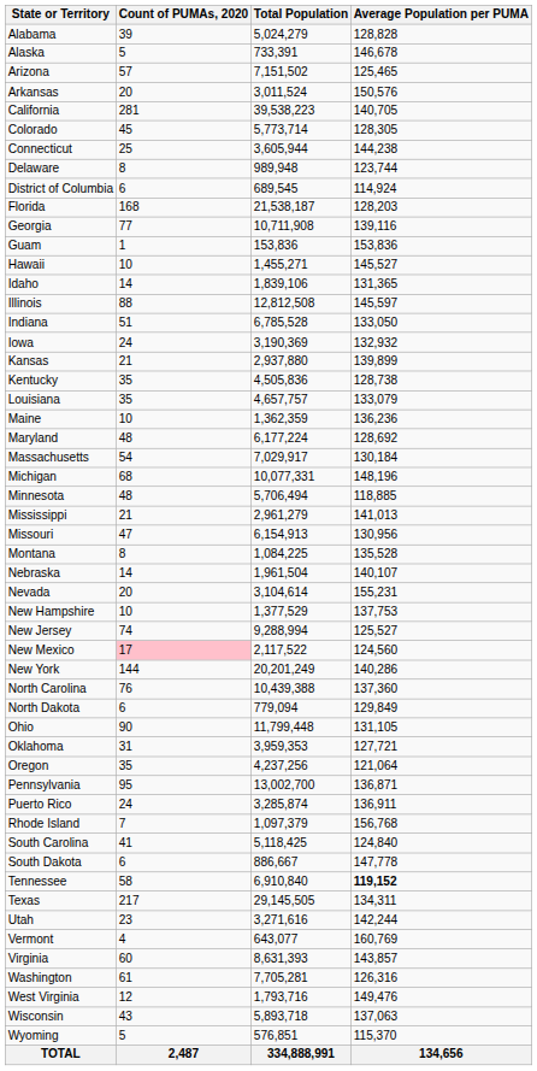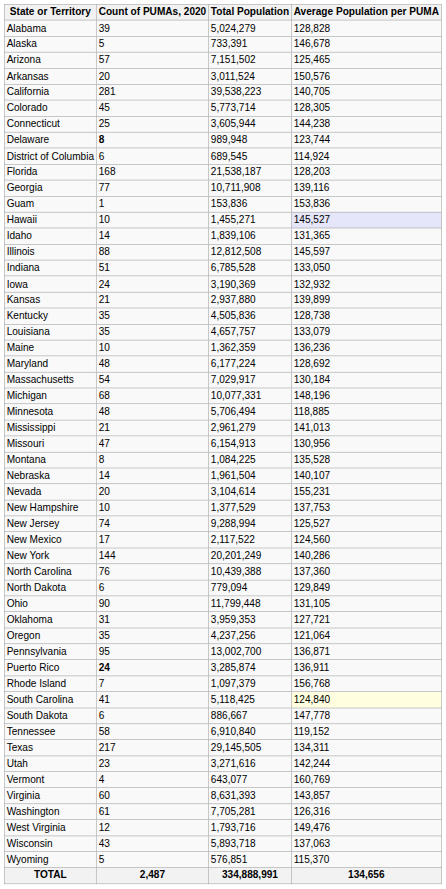 <table class="wikitable sortable">
 <tr>
 <th>State or Territory</th>
 <th>Count of PUMAs, 2020</th>
 <th>Total Population</th>
 <th>Average Population per PUMA</th>
 </tr>
 <tr>
 <td>Alabama</td>
 <td>39</td>
 <td>5,024,279</td>
 <td>128,828</td>
 </tr>
 <tr>
 <td>Alaska</td>
 <td>5</td>
 <td>733,391</td>
 <td>146,678</td>
 </tr>
 <tr>
 <td>Arizona</td>
 <td>57</td>
 <td>7,151,502</td>
 <td>125,465</td>
 </tr>
 <tr>
 <td>Arkansas</td>
 <td>20</td>
 <td>3,011,524</td>
 <td>150,576</td>
 </tr>
 <tr>
 <td>California</td>
 <td>281</td>
 <td>39,538,223</td>
 <td>140,705</td>
 </tr>
 <tr>
 <td>Colorado</td>
 <td>45</td>
 <td>5,773,714</td>
 <td>128,305</td>
 </tr>
 <tr>
 <td>Connecticut</td>
 <td>25</td>
 <td>3,605,944</td>
 <td>144,238</td>
 </tr>
 <tr>
 <td>Delaware</td>
-<td>8</td>
+<td><strong>8</strong></td>
 <td>989,948</td>
 <td>123,744</td>
 </tr>
 <tr>
 <td>District of Columbia</td>
 <td>6</td>
 <td>689,545</td>
 <td>114,924</td>
 </tr>
 <tr>
 <td>Florida</td>
 <td>168</td>
 <td>21,538,187</td>
 <td>128,203</td>
 </tr>
 <tr>
 <td>Georgia</td>
 <td>77</td>
 <td>10,711,908</td>
 <td>139,116</td>
 </tr>
 <tr>
 <td>Guam</td>
 <td>1</td>
 <td>153,836</td>
 <td>153,836</td>
 </tr>
 <tr>
 <td>Hawaii</td>
 <td>10</td>
 <td>1,455,271</td>
-<td>145,527</td>
+<td style="background: lavender;">145,527</td>
 </tr>
 <tr>
 <td>Idaho</td>
 <td>14</td>
 <td>1,839,106</td>
 <td>131,365</td>
 </tr>
 <tr>
 <td>Illinois</td>
 <td>88</td>
 <td>12,812,508</td>
 <td>145,597</td>
 </tr>
 <tr>
 <td>Indiana</td>
 <td>51</td>
 <td>6,785,528</td>
 <td>133,050</td>
 </tr>
 <tr>
 <td>Iowa</td>
 <td>24</td>
 <td>3,190,369</td>
 <td>132,932</td>
 </tr>
 <tr>
 <td>Kansas</td>
 <td>21</td>
 <td>2,937,880</td>
 <td>139,899</td>
 </tr>
 <tr>
 <td>Kentucky</td>
 <td>35</td>
 <td>4,505,836</td>
 <td>128,738</td>
 </tr>
 <tr>
 <td>Louisiana</td>
 <td>35</td>
 <td>4,657,757</td>
 <td>133,079</td>
 </tr>
 <tr>
 <td>Maine</td>
 <td>10</td>
 <td>1,362,359</td>
 <td>136,236</td>
 </tr>
 <tr>
 <td>Maryland</td>
 <td>48</td>
 <td>6,177,224</td>
 <td>128,692</td>
 </tr>
 <tr>
 <td>Massachusetts</td>
 <td>54</td>
 <td>7,029,917</td>
 <td>130,184</td>
 </tr>
 <tr>
 <td>Michigan</td>
 <td>68</td>
 <td>10,077,331</td>
 <td>148,196</td>
 </tr>
 <tr>
 <td>Minnesota</td>
 <td>48</td>
 <td>5,706,494</td>
 <td>118,885</td>
 </tr>
 <tr>
 <td>Mississippi</td>
 <td>21</td>
 <td>2,961,279</td>
 <td>141,013</td>
 </tr>
 <tr>
 <td>Missouri</td>
 <td>47</td>
 <td>6,154,913</td>
 <td>130,956</td>
 </tr>
 <tr>
 <td>Montana</td>
 <td>8</td>
 <td>1,084,225</td>
 <td>135,528</td>
 </tr>
 <tr>
 <td>Nebraska</td>
 <td>14</td>
 <td>1,961,504</td>
 <td>140,107</td>
 </tr>
 <tr>
 <td>Nevada</td>
 <td>20</td>
 <td>3,104,614</td>
 <td>155,231</td>
 </tr>
 <tr>
 <td>New Hampshire</td>
 <td>10</td>
 <td>1,377,529</td>
 <td>137,753</td>
 </tr>
 <tr>
 <td>New Jersey</td>
 <td>74</td>
 <td>9,288,994</td>
 <td>125,527</td>
 </tr>
 <tr>
 <td>New Mexico</td>
-<td style="background: pink;">17</td>
+<td>17</td>
 <td>2,117,522</td>
 <td>124,560</td>
 </tr>
 <tr>
 <td>New York</td>
 <td>144</td>
 <td>20,201,249</td>
 <td>140,286</td>
 </tr>
 <tr>
 <td>North Carolina</td>
 <td>76</td>
 <td>10,439,388</td>
 <td>137,360</td>
 </tr>
 <tr>
 <td>North Dakota</td>
 <td>6</td>
 <td>779,094</td>
 <td>129,849</td>
 </tr>
 <tr>
 <td>Ohio</td>
 <td>90</td>
 <td>11,799,448</td>
 <td>131,105</td>
 </tr>
 <tr>
 <td>Oklahoma</td>
 <td>31</td>
 <td>3,959,353</td>
 <td>127,721</td>
 </tr>
 <tr>
 <td>Oregon</td>
 <td>35</td>
 <td>4,237,256</td>
 <td>121,064</td>
 </tr>
 <tr>
 <td>Pennsylvania</td>
 <td>95</td>
 <td>13,002,700</td>
 <td>136,871</td>
 </tr>
 <tr>
 <td>Puerto Rico</td>
-<td>24</td>
+<td><strong>24</strong></td>
 <td>3,285,874</td>
 <td>136,911</td>
 </tr>
 <tr>
 <td>Rhode Island</td>
 <td>7</td>
 <td>1,097,379</td>
 <td>156,768</td>
 </tr>
 <tr>
 <td>South Carolina</td>
 <td>41</td>
 <td>5,118,425</td>
-<td>124,840</td>
+<td style="background: lightyellow;">124,840</td>
 </tr>
 <tr>
 <td>South Dakota</td>
 <td>6</td>
 <td>886,667</td>
 <td>147,778</td>
 </tr>
 <tr>
 <td>Tennessee</td>
 <td>58</td>
 <td>6,910,840</td>
-<td><strong>119,152</strong></td>
+<td>119,152</td>
 </tr>
 <tr>
 <td>Texas</td>
 <td>217</td>
 <td>29,145,505</td>
 <td>134,311</td>
 </tr>
 <tr>
 <td>Utah</td>
 <td>23</td>
 <td>3,271,616</td>
 <td>142,244</td>
 </tr>
 <tr>
 <td>Vermont</td>
 <td>4</td>
 <td>643,077</td>
 <td>160,769</td>
 </tr>
 <tr>
 <td>Virginia</td>
 <td>60</td>
 <td>8,631,393</td>
 <td>143,857</td>
 </tr>
 <tr>
 <td>Washington</td>
 <td>61</td>
 <td>7,705,281</td>
 <td>126,316</td>
 </tr>
 <tr>
 <td>West Virginia</td>
 <td>12</td>
 <td>1,793,716</td>
 <td>149,476</td>
 </tr>
 <tr>
 <td>Wisconsin</td>
 <td>43</td>
 <td>5,893,718</td>
 <td>137,063</td>
 </tr>
 <tr>
 <td>Wyoming</td>
 <td>5</td>
 <td>576,851</td>
 <td>115,370</td>
 </tr>
 <tr>
 <th>TOTAL</th>
 <th>2,487</th>
 <th>334,888,991</th>
 <th>134,656</th>
 </tr>
 </table>
